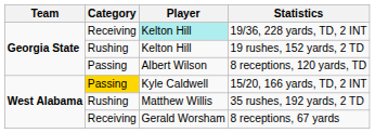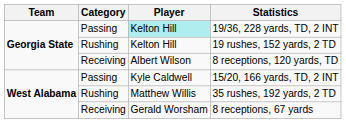 <table class="wikitable" style="float: left;">
 <tr>
 <th>Team</th>
 <th>Category</th>
 <th>Player</th>
 <th>Statistics</th>
 </tr>
 <tr>
 <td rowspan=3><strong>Georgia State</strong></td>
-<td>Receiving</td>
+<td>Passing</td>
 <td style="background: paleturquoise;">Kelton Hill</td>
 <td>19/36, 228 yards, TD, 2 INT</td>
 </tr>
 <tr>
 <td>Rushing</td>
 <td>Kelton Hill</td>
 <td>19 rushes, 152 yards, 2 TD</td>
 </tr>
 <tr>
-<td>Passing</td>
+<td>Receiving</td>
 <td>Albert Wilson</td>
 <td>8 receptions, 120 yards, TD</td>
 </tr>
 <tr>
 <td rowspan=3><strong>West Alabama</strong></td>
-<td style="background: gold;">Passing</td>
+<td>Passing</td>
 <td>Kyle Caldwell</td>
 <td>15/20, 166 yards, TD, 2 INT</td>
 </tr>
 <tr>
 <td>Rushing</td>
 <td>Matthew Willis</td>
 <td>35 rushes, 192 yards, 2 TD</td>
 </tr>
 <tr>
 <td>Receiving</td>
 <td>Gerald Worsham</td>
 <td>8 receptions, 67 yards</td>
 </tr>
 </table>
